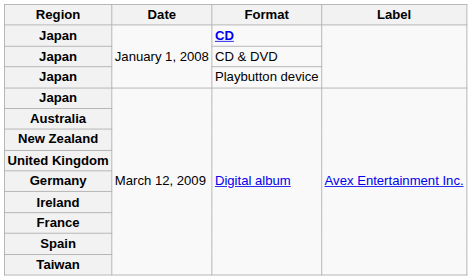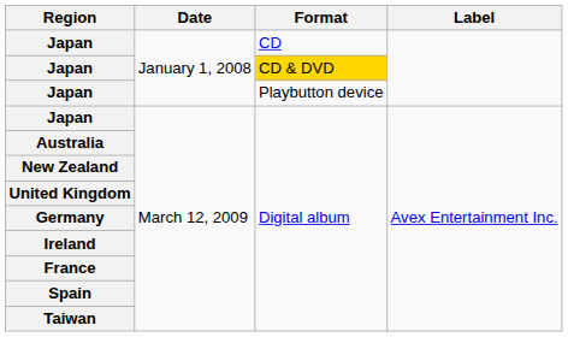 <table class="wikitable plainrowheaders">
 <tr>
 <th scope="col">Region</th>
 <th scope="col">Date</th>
 <th scope="col">Format</th>
 <th scope="col">Label</th>
 </tr>
 <tr>
 <th scope="row">Japan</th>
 <td rowspan="3">January 1, 2008</td>
-<td><strong><a href='#'>CD</a></strong></td>
+<td><a href='#'>CD</a></td>
 <td rowspan="3"></td>
 </tr>
 <tr>
 <th scope="row">Japan</th>
-<td>CD & DVD</td>
+<td style="background: gold;">CD & DVD</td>
 </tr>
 <tr>
 <th scope="row">Japan</th>
 <td>Playbutton device</td>
 </tr>
 <tr>
 <th scope="row">Japan</th>
 <td rowspan="9">March 12, 2009</td>
 <td rowspan="9"><a href='#'>Digital album</a></td>
 <td rowspan="9"><a href='#'>Avex Entertainment Inc.</a></td>
 </tr>
 <tr>
 <th scope="row">Australia</th>
 </tr>
 <tr>
 <th scope="row">New Zealand</th>
 </tr>
 <tr>
 <th scope="row">United Kingdom</th>
 </tr>
 <tr>
 <th scope="row">Germany</th>
 </tr>
 <tr>
 <th scope="row">Ireland</th>
 </tr>
 <tr>
 <th scope="row">France</th>
 </tr>
 <tr>
 <th scope="row">Spain</th>
 </tr>
 <tr>
 <th scope="row">Taiwan</th>
 </tr>
 </table>
